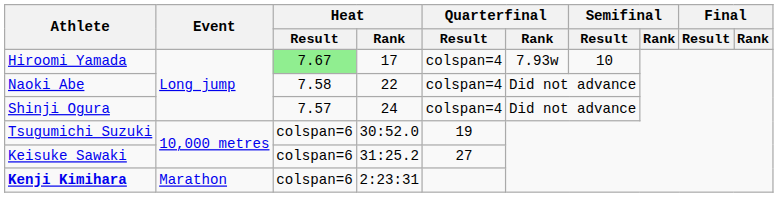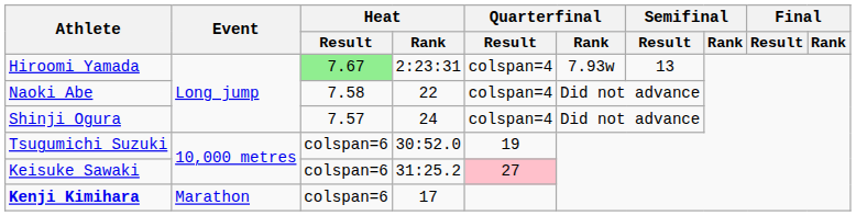 <table class="wikitable" style="font-size:90%">
 <tr>
 <th rowspan="2">Athlete</th>
 <th rowspan="2">Event</th>
 <th colspan="2">Heat</th>
 <th colspan="2">Quarterfinal</th>
 <th colspan="2">Semifinal</th>
 <th colspan="2">Final</th>
 </tr>
 <tr style="font-size:95%">
 <th>Result</th>
 <th>Rank</th>
 <th>Result</th>
 <th>Rank</th>
 <th>Result</th>
 <th>Rank</th>
 <th>Result</th>
 <th>Rank</th>
 </tr>
 <tr align=center>
 <td align=left><a href='#'>Hiroomi Yamada</a></td>
 <td align=left rowspan=3><a href='#'>Long jump</a></td>
 <td style="background: lightgreen;">7.67</td>
-<td>17</td>
+<td>2:23:31</td>
 <td>colspan=4 </td>
 <td>7.93w</td>
-<td>10</td>
+<td>13</td>
 </tr>
 <tr align=center>
 <td align=left><a href='#'>Naoki Abe</a></td>
 <td>7.58</td>
 <td>22</td>
 <td>colspan=4 </td>
 <td colspan=2>Did not advance</td>
 </tr>
 <tr align=center>
 <td align=left><a href='#'>Shinji Ogura</a></td>
 <td>7.57</td>
 <td>24</td>
 <td>colspan=4 </td>
 <td colspan=2>Did not advance</td>
 </tr>
 <tr align=center>
 <td align=left><a href='#'>Tsugumichi Suzuki</a></td>
 <td align=left rowspan=2><a href='#'>10,000 metres</a></td>
 <td>colspan=6 </td>
 <td>30:52.0</td>
 <td>19</td>
 </tr>
 <tr align=center>
 <td align=left><a href='#'>Keisuke Sawaki</a></td>
 <td>colspan=6 </td>
 <td>31:25.2</td>
-<td>27</td>
+<td style="background: pink;">27</td>
 </tr>
 <tr align=center>
 <td align=left><strong><a href='#'>Kenji Kimihara</a></strong></td>
 <td align=left rowspan=1><a href='#'>Marathon</a></td>
 <td>colspan=6 </td>
-<td>2:23:31</td>
+<td>17</td>
 <td></td>
 </tr>
 </table>
